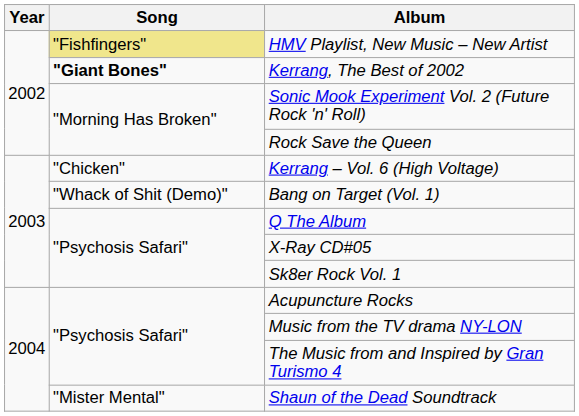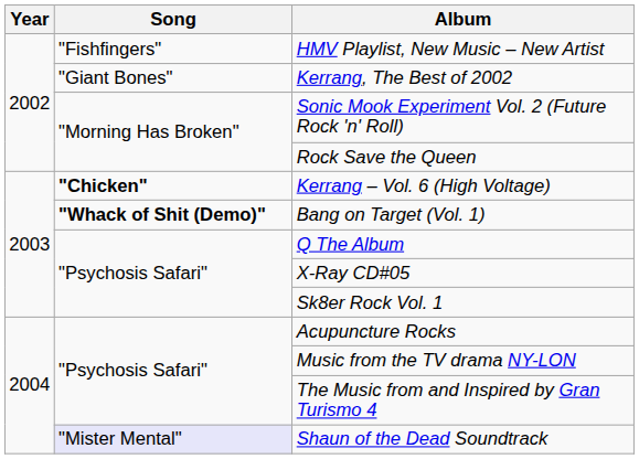 <table class="wikitable">
 <tr>
 <th>Year</th>
 <th style="width:200px;">Song</th>
 <th style="width:290px;">Album</th>
 </tr>
 <tr>
 <td rowspan="4">2002</td>
-<td style="background: khaki;">"Fishfingers"</td>
+<td>"Fishfingers"</td>
 <td><em><a href='#'>HMV</a> Playlist, New Music – New Artist</em></td>
 </tr>
 <tr>
-<td><strong>"Giant Bones"</strong></td>
+<td>"Giant Bones"</td>
 <td><em><a href='#'>Kerrang</a>, The Best of 2002</em></td>
 </tr>
 <tr>
 <td rowspan="2">"Morning Has Broken"</td>
 <td><em><a href='#'>Sonic Mook Experiment</a> Vol. 2 (Future Rock 'n' Roll)</em></td>
 </tr>
 <tr>
 <td><em>Rock Save the Queen</em></td>
 </tr>
 <tr>
 <td rowspan="5">2003</td>
-<td>"Chicken"</td>
+<td><strong>"Chicken"</strong></td>
 <td><em><a href='#'>Kerrang</a> – Vol. 6 (High Voltage)</em></td>
 </tr>
 <tr>
-<td>"Whack of Shit (Demo)"</td>
+<td><strong>"Whack of Shit (Demo)"</strong></td>
 <td><em>Bang on Target (Vol. 1)</em></td>
 </tr>
 <tr>
 <td rowspan="3">"Psychosis Safari"</td>
 <td><em><a href='#'>Q The Album</a></em></td>
 </tr>
 <tr>
 <td><em>X-Ray CD#05</em></td>
 </tr>
 <tr>
 <td><em>Sk8er Rock Vol. 1</em></td>
 </tr>
 <tr>
 <td rowspan="4">2004</td>
 <td rowspan="3">"Psychosis Safari"</td>
 <td><em>Acupuncture Rocks</em></td>
 </tr>
 <tr>
 <td><em>Music from the TV drama <a href='#'>NY-LON</a></em></td>
 </tr>
 <tr>
 <td><em>The Music from and Inspired by <a href='#'>Gran Turismo 4</a></em></td>
 </tr>
 <tr>
-<td>"Mister Mental"</td>
+<td style="background: lavender;">"Mister Mental"</td>
 <td><em><a href='#'>Shaun of the Dead</a> Soundtrack</em></td>
 </tr>
 </table>
